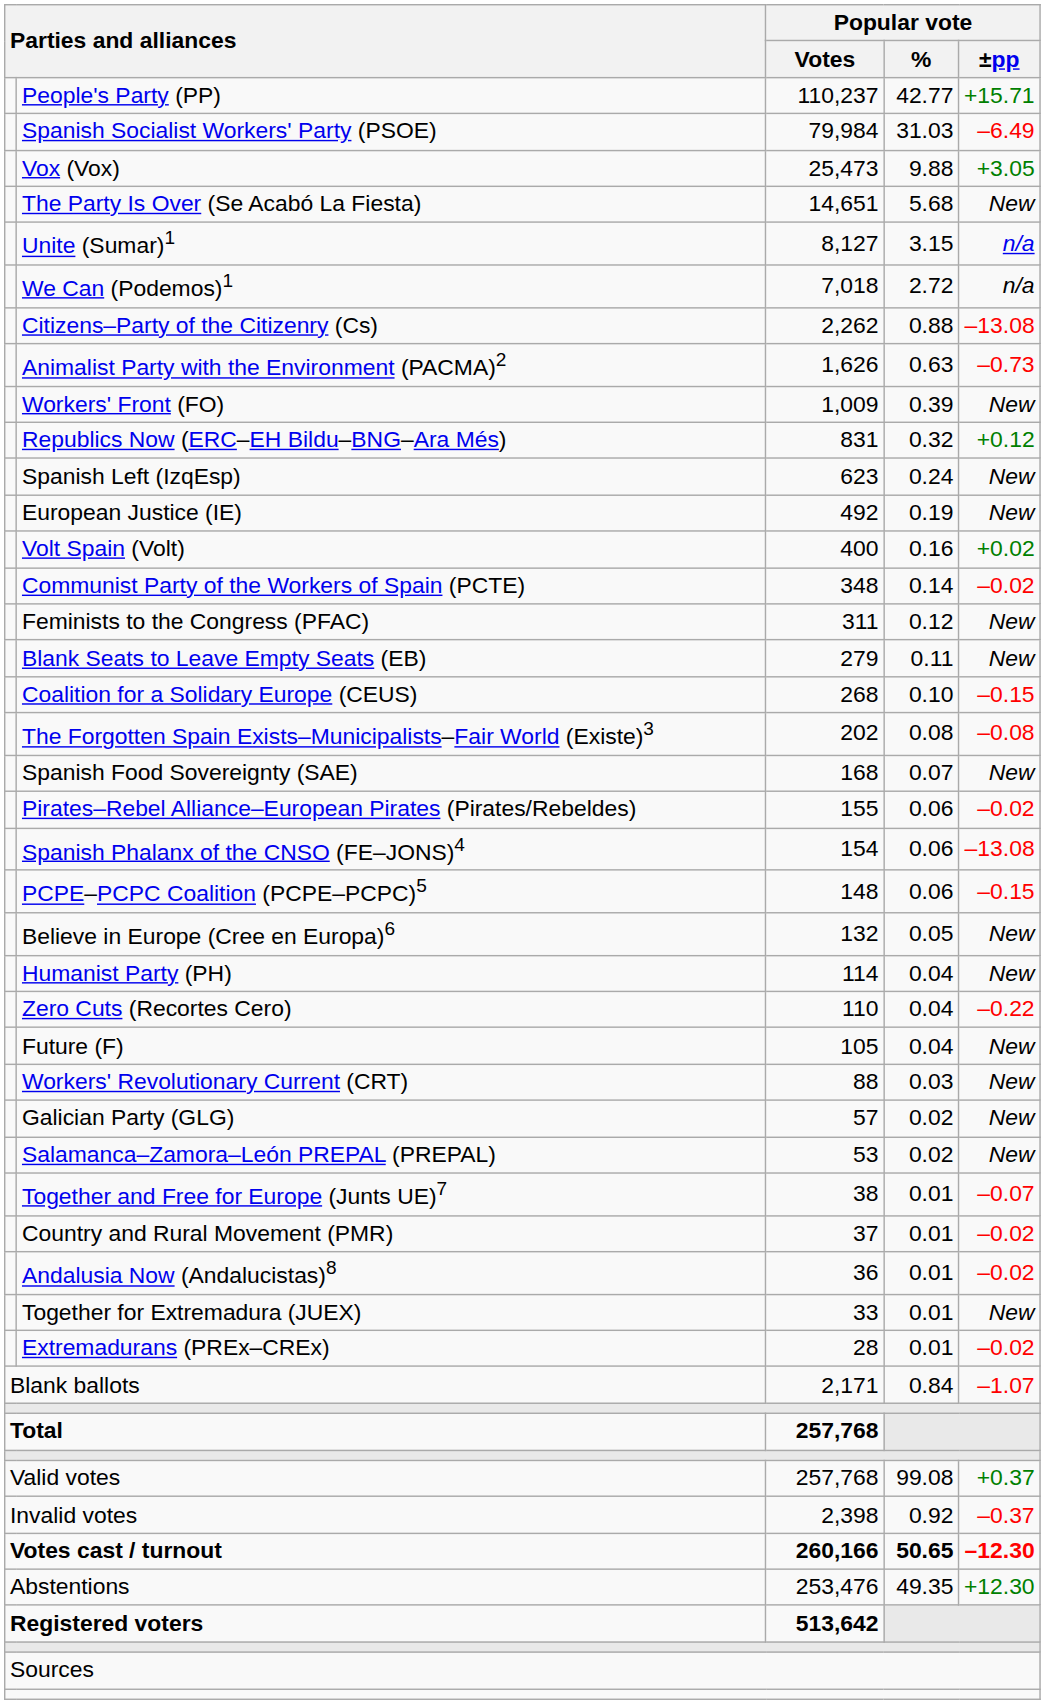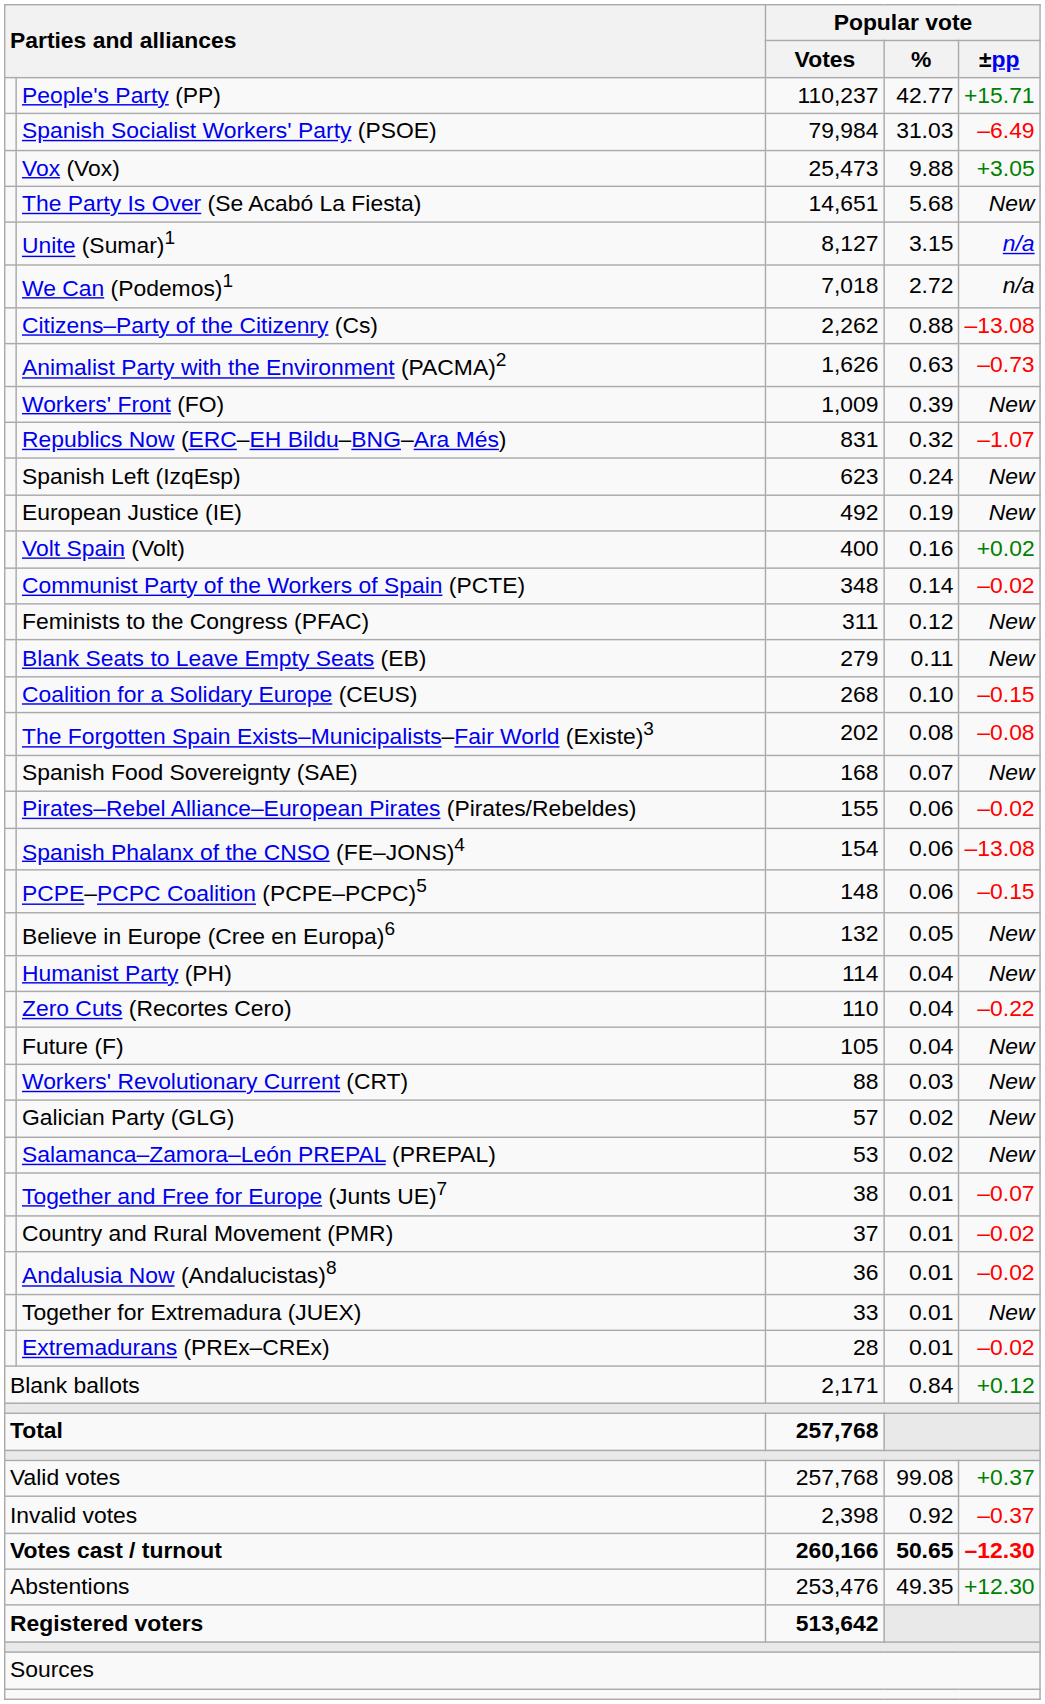 <table class="wikitable" style="text-align:right;">
 <tr>
 <th style="text-align:left;" rowspan="2" colspan="2" width="525">Parties and alliances</th>
 <th colspan="3">Popular vote</th>
 </tr>
 <tr bgcolor="#E9E9E9" align="center">
 <th width="75">Votes</th>
 <th width="45">%</th>
 <th width="45">±<a href='#'>pp</a></th>
 </tr>
 <tr>
 <td width="1" style="color:inherit;background:"></td>
 <td align="left"><a href='#'>People's Party</a> (PP)</td>
 <td>110,237</td>
 <td>42.77</td>
 <td style="color:green;">+15.71</td>
 </tr>
 <tr>
 <td style="color:inherit;background:"></td>
 <td align="left"><a href='#'>Spanish Socialist Workers' Party</a> (PSOE)</td>
 <td>79,984</td>
 <td>31.03</td>
 <td style="color:red;">–6.49</td>
 </tr>
 <tr>
 <td style="color:inherit;background:"></td>
 <td align="left"><a href='#'>Vox</a> (Vox)</td>
 <td>25,473</td>
 <td>9.88</td>
 <td style="color:green;">+3.05</td>
 </tr>
 <tr>
 <td style="color:inherit;background:"></td>
 <td align="left"><a href='#'>The Party Is Over</a> (Se Acabó La Fiesta)</td>
 <td>14,651</td>
 <td>5.68</td>
 <td><em>New</em></td>
 </tr>
 <tr>
 <td style="color:inherit;background:"></td>
 <td align="left"><a href='#'>Unite</a> (Sumar)<sup>1</sup></td>
 <td>8,127</td>
 <td>3.15</td>
 <td><em><a href='#'>n/a</a></em></td>
 </tr>
 <tr>
 <td style="color:inherit;background:"></td>
 <td align="left"><a href='#'>We Can</a> (Podemos)<sup>1</sup></td>
 <td>7,018</td>
 <td>2.72</td>
 <td><em>n/a</em></td>
 </tr>
 <tr>
 <td style="color:inherit;background:"></td>
 <td align="left"><a href='#'>Citizens–Party of the Citizenry</a> (Cs)</td>
 <td>2,262</td>
 <td>0.88</td>
 <td style="color:red;">–13.08</td>
 </tr>
 <tr>
 <td style="color:inherit;background:"></td>
 <td align="left"><a href='#'>Animalist Party with the Environment</a> (PACMA)<sup>2</sup></td>
 <td>1,626</td>
 <td>0.63</td>
 <td style="color:red;">–0.73</td>
 </tr>
 <tr>
 <td style="color:inherit;background:"></td>
 <td align="left"><a href='#'>Workers' Front</a> (FO)</td>
 <td>1,009</td>
 <td>0.39</td>
 <td><em>New</em></td>
 </tr>
 <tr>
 <td style="color:inherit;background:"></td>
 <td align="left"><a href='#'>Republics Now</a> (<a href='#'>ERC</a>–<a href='#'>EH Bildu</a>–<a href='#'>BNG</a>–<a href='#'>Ara Més</a>)</td>
 <td>831</td>
 <td>0.32</td>
-<td style="color:green;">+0.12</td>
+<td style="color:red;">–1.07</td>
 </tr>
 <tr>
 <td style="color:inherit;background:"></td>
 <td align="left">Spanish Left (IzqEsp)</td>
 <td>623</td>
 <td>0.24</td>
 <td><em>New</em></td>
 </tr>
 <tr>
 <td style="color:inherit;background:"></td>
 <td align="left">European Justice (IE)</td>
 <td>492</td>
 <td>0.19</td>
 <td><em>New</em></td>
 </tr>
 <tr>
 <td style="color:inherit;background:"></td>
 <td align="left"><a href='#'>Volt Spain</a> (Volt)</td>
 <td>400</td>
 <td>0.16</td>
 <td style="color:green;">+0.02</td>
 </tr>
 <tr>
 <td style="color:inherit;background:"></td>
 <td align="left"><a href='#'>Communist Party of the Workers of Spain</a> (PCTE)</td>
 <td>348</td>
 <td>0.14</td>
 <td style="color:red;">–0.02</td>
 </tr>
 <tr>
 <td style="color:inherit;background:"></td>
 <td align="left">Feminists to the Congress (PFAC)</td>
 <td>311</td>
 <td>0.12</td>
 <td><em>New</em></td>
 </tr>
 <tr>
 <td style="color:inherit;background:"></td>
 <td align="left"><a href='#'>Blank Seats to Leave Empty Seats</a> (EB)</td>
 <td>279</td>
 <td>0.11</td>
 <td><em>New</em></td>
 </tr>
 <tr>
 <td style="color:inherit;background:"></td>
 <td align="left"><a href='#'>Coalition for a Solidary Europe</a> (CEUS)</td>
 <td>268</td>
 <td>0.10</td>
 <td style="color:red;">–0.15</td>
 </tr>
 <tr>
 <td style="color:inherit;background:"></td>
 <td align="left"><a href='#'>The Forgotten Spain Exists–Municipalists</a>–<a href='#'>Fair World</a> (Existe)<sup>3</sup></td>
 <td>202</td>
 <td>0.08</td>
 <td style="color:red;">–0.08</td>
 </tr>
 <tr>
 <td style="color:inherit;background:"></td>
 <td align="left">Spanish Food Sovereignty (SAE)</td>
 <td>168</td>
 <td>0.07</td>
 <td><em>New</em></td>
 </tr>
 <tr>
 <td style="color:inherit;background:"></td>
 <td align="left"><a href='#'>Pirates–Rebel Alliance–European Pirates</a> (Pirates/Rebeldes)</td>
 <td>155</td>
 <td>0.06</td>
 <td style="color:red;">–0.02</td>
 </tr>
 <tr>
 <td style="color:inherit;background:"></td>
 <td align="left"><a href='#'>Spanish Phalanx of the CNSO</a> (FE–JONS)<sup>4</sup></td>
 <td>154</td>
 <td>0.06</td>
 <td style="color:red;">–13.08</td>
 </tr>
 <tr>
 <td style="color:inherit;background:"></td>
 <td align="left"><a href='#'>PCPE</a>–<a href='#'>PCPC Coalition</a> (PCPE–PCPC)<sup>5</sup></td>
 <td>148</td>
 <td>0.06</td>
 <td style="color:red;">–0.15</td>
 </tr>
 <tr>
 <td style="color:inherit;background:"></td>
 <td align="left">Believe in Europe (Cree en Europa)<sup>6</sup></td>
 <td>132</td>
 <td>0.05</td>
 <td><em>New</em></td>
 </tr>
 <tr>
 <td style="color:inherit;background:"></td>
 <td align="left"><a href='#'>Humanist Party</a> (PH)</td>
 <td>114</td>
 <td>0.04</td>
 <td><em>New</em></td>
 </tr>
 <tr>
 <td style="color:inherit;background:"></td>
 <td align="left"><a href='#'>Zero Cuts</a> (Recortes Cero)</td>
 <td>110</td>
 <td>0.04</td>
 <td style="color:red;">–0.22</td>
 </tr>
 <tr>
 <td style="color:inherit;background:"></td>
 <td align="left">Future (F)</td>
 <td>105</td>
 <td>0.04</td>
 <td><em>New</em></td>
 </tr>
 <tr>
 <td style="color:inherit;background:"></td>
 <td align="left"><a href='#'>Workers' Revolutionary Current</a> (CRT)</td>
 <td>88</td>
 <td>0.03</td>
 <td><em>New</em></td>
 </tr>
 <tr>
 <td style="color:inherit;background:"></td>
 <td align="left">Galician Party (GLG)</td>
 <td>57</td>
 <td>0.02</td>
 <td><em>New</em></td>
 </tr>
 <tr>
 <td style="color:inherit;background:"></td>
 <td align="left"><a href='#'>Salamanca–Zamora–León PREPAL</a> (PREPAL)</td>
 <td>53</td>
 <td>0.02</td>
 <td><em>New</em></td>
 </tr>
 <tr>
 <td style="color:inherit;background:"></td>
 <td align="left"><a href='#'>Together and Free for Europe</a> (Junts UE)<sup>7</sup></td>
 <td>38</td>
 <td>0.01</td>
 <td style="color:red;">–0.07</td>
 </tr>
 <tr>
 <td style="color:inherit;background:"></td>
 <td align="left">Country and Rural Movement (PMR)</td>
 <td>37</td>
 <td>0.01</td>
 <td style="color:red;">–0.02</td>
 </tr>
 <tr>
 <td style="color:inherit;background:"></td>
 <td align="left"><a href='#'>Andalusia Now</a> (Andalucistas)<sup>8</sup></td>
 <td>36</td>
 <td>0.01</td>
 <td style="color:red;">–0.02</td>
 </tr>
 <tr>
 <td style="color:inherit;background:"></td>
 <td align="left">Together for Extremadura (JUEX)</td>
 <td>33</td>
 <td>0.01</td>
 <td><em>New</em></td>
 </tr>
 <tr>
 <td style="color:inherit;background:"></td>
 <td align="left"><a href='#'>Extremadurans</a> (PREx–CREx)</td>
 <td>28</td>
 <td>0.01</td>
 <td style="color:red;">–0.02</td>
 </tr>
 <tr>
 <td align="left" colspan="2">Blank ballots</td>
 <td>2,171</td>
 <td>0.84</td>
-<td style="color:red;">–1.07</td>
+<td style="color:green;">+0.12</td>
 </tr>
 <tr>
 <td colspan="5" bgcolor="#E9E9E9"></td>
 </tr>
 <tr style="font-weight:bold;">
 <td align="left" colspan="2">Total</td>
 <td>257,768</td>
 <td bgcolor="#E9E9E9" colspan="2"></td>
 </tr>
 <tr>
 <td colspan="5" bgcolor="#E9E9E9"></td>
 </tr>
 <tr>
 <td align="left" colspan="2">Valid votes</td>
 <td>257,768</td>
 <td>99.08</td>
 <td style="color:green;">+0.37</td>
 </tr>
 <tr>
 <td align="left" colspan="2">Invalid votes</td>
 <td>2,398</td>
 <td>0.92</td>
 <td style="color:red;">–0.37</td>
 </tr>
 <tr style="font-weight:bold;">
 <td align="left" colspan="2">Votes cast / turnout</td>
 <td>260,166</td>
 <td>50.65</td>
 <td style="color:red;">–12.30</td>
 </tr>
 <tr>
 <td align="left" colspan="2">Abstentions</td>
 <td>253,476</td>
 <td>49.35</td>
 <td style="color:green;">+12.30</td>
 </tr>
 <tr style="font-weight:bold;">
 <td align="left" colspan="2">Registered voters</td>
 <td>513,642</td>
 <td bgcolor="#E9E9E9" colspan="2"></td>
 </tr>
 <tr>
 <td colspan="5" bgcolor="#E9E9E9"></td>
 </tr>
 <tr>
 <td align="left" colspan="5">Sources</td>
 </tr>
 <tr>
 <td colspan="5" style="text-align:left; max-width:790px;"></td>
 </tr>
 </table>
